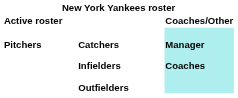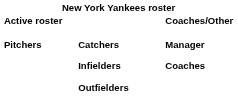 <table class="toccolours" style="font-size: 95%;">
 <tr>
 <th colspan="10">New York Yankees roster</th>
 </tr>
 <tr>
 <td colspan="4"><strong>Active roster</strong></td>
 <td colspan="1"><strong>Coaches/Other</strong></td>
 </tr>
 <tr>
 <td style="vertical-align:top;"><br><strong>Pitchers</strong><br>             </td>
 <td width="50px"> </td>
 <td style="vertical-align:top;"><br><strong>Catchers</strong><br>  <br><strong>Infielders</strong><br>       <br><strong>Outfielders</strong><br>    </td>
 <td width="50"> </td>
-<td style="background: paleturquoise; vertical-align:top;"><br><strong>Manager</strong><br> <br><strong>Coaches</strong><br>         </td>
+<td style="vertical-align:top;"><br><strong>Manager</strong><br> <br><strong>Coaches</strong><br>         </td>
 </tr>
 </table>
